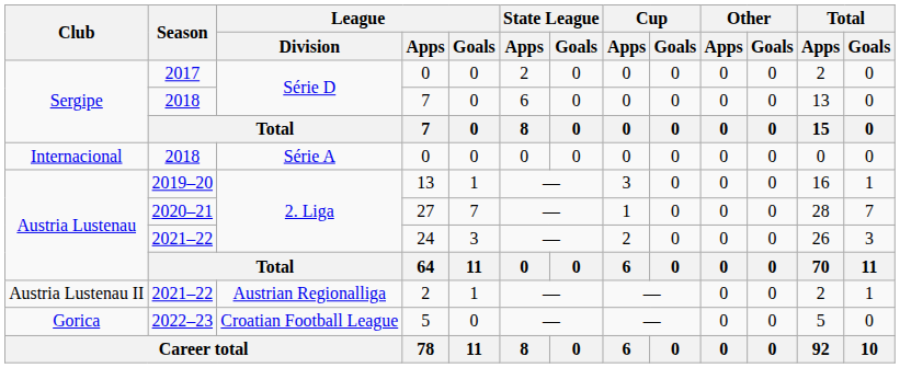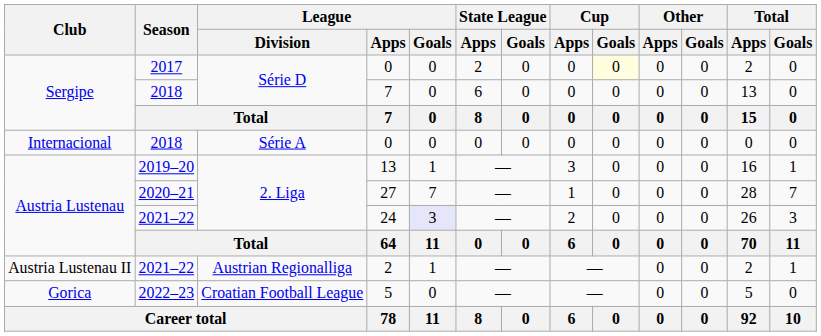 <table class="wikitable" style="text-align: center">
 <tr>
 <th rowspan="2">Club</th>
 <th rowspan="2">Season</th>
 <th colspan="3">League</th>
 <th colspan="2">State League</th>
 <th colspan="2">Cup</th>
 <th colspan="2">Other</th>
 <th colspan="2">Total</th>
 </tr>
 <tr>
 <th>Division</th>
 <th>Apps</th>
 <th>Goals</th>
 <th>Apps</th>
 <th>Goals</th>
 <th>Apps</th>
 <th>Goals</th>
 <th>Apps</th>
 <th>Goals</th>
 <th>Apps</th>
 <th>Goals</th>
 </tr>
 <tr>
 <td rowspan="3"><a href='#'>Sergipe</a></td>
 <td><a href='#'>2017</a></td>
 <td rowspan="2"><a href='#'>Série D</a></td>
 <td>0</td>
 <td>0</td>
 <td>2</td>
 <td>0</td>
 <td>0</td>
-<td>0</td>
+<td style="background: lightyellow;">0</td>
 <td>0</td>
 <td>0</td>
 <td>2</td>
 <td>0</td>
 </tr>
 <tr>
 <td><a href='#'>2018</a></td>
 <td>7</td>
 <td>0</td>
 <td>6</td>
 <td>0</td>
 <td>0</td>
 <td>0</td>
 <td>0</td>
 <td>0</td>
 <td>13</td>
 <td>0</td>
 </tr>
 <tr>
 <th colspan="2"><strong>Total</strong></th>
 <th>7</th>
 <th>0</th>
 <th>8</th>
 <th>0</th>
 <th>0</th>
 <th>0</th>
 <th>0</th>
 <th>0</th>
 <th>15</th>
 <th>0</th>
 </tr>
 <tr>
 <td><a href='#'>Internacional</a></td>
 <td><a href='#'>2018</a></td>
 <td><a href='#'>Série A</a></td>
 <td>0</td>
 <td>0</td>
 <td>0</td>
 <td>0</td>
 <td>0</td>
 <td>0</td>
 <td>0</td>
 <td>0</td>
 <td>0</td>
 <td>0</td>
 </tr>
 <tr>
 <td rowspan="4"><a href='#'>Austria Lustenau</a></td>
 <td><a href='#'>2019–20</a></td>
 <td rowspan="3"><a href='#'>2. Liga</a></td>
 <td>13</td>
 <td>1</td>
 <td colspan="2">—</td>
 <td>3</td>
 <td>0</td>
 <td>0</td>
 <td>0</td>
 <td>16</td>
 <td>1</td>
 </tr>
 <tr>
 <td><a href='#'>2020–21</a></td>
 <td>27</td>
 <td>7</td>
 <td colspan="2">—</td>
 <td>1</td>
 <td>0</td>
 <td>0</td>
 <td>0</td>
 <td>28</td>
 <td>7</td>
 </tr>
 <tr>
 <td><a href='#'>2021–22</a></td>
 <td>24</td>
-<td>3</td>
+<td style="background: lavender;">3</td>
 <td colspan="2">—</td>
 <td>2</td>
 <td>0</td>
 <td>0</td>
 <td>0</td>
 <td>26</td>
 <td>3</td>
 </tr>
 <tr>
 <th colspan="2"><strong>Total</strong></th>
 <th>64</th>
 <th>11</th>
 <th>0</th>
 <th>0</th>
 <th>6</th>
 <th>0</th>
 <th>0</th>
 <th>0</th>
 <th>70</th>
 <th>11</th>
 </tr>
 <tr>
 <td>Austria Lustenau II</td>
 <td><a href='#'>2021–22</a></td>
 <td><a href='#'>Austrian Regionalliga</a></td>
 <td>2</td>
 <td>1</td>
 <td colspan="2">—</td>
 <td colspan="2">—</td>
 <td>0</td>
 <td>0</td>
 <td>2</td>
 <td>1</td>
 </tr>
 <tr>
 <td><a href='#'>Gorica</a></td>
 <td><a href='#'>2022–23</a></td>
 <td><a href='#'>Croatian Football League</a></td>
 <td>5</td>
 <td>0</td>
 <td colspan="2">—</td>
 <td colspan="2">—</td>
 <td>0</td>
 <td>0</td>
 <td>5</td>
 <td>0</td>
 </tr>
 <tr>
 <th colspan="3"><strong>Career total</strong></th>
 <th>78</th>
 <th>11</th>
 <th>8</th>
 <th>0</th>
 <th>6</th>
 <th>0</th>
 <th>0</th>
 <th>0</th>
 <th>92</th>
 <th>10</th>
 </tr>
 </table>
